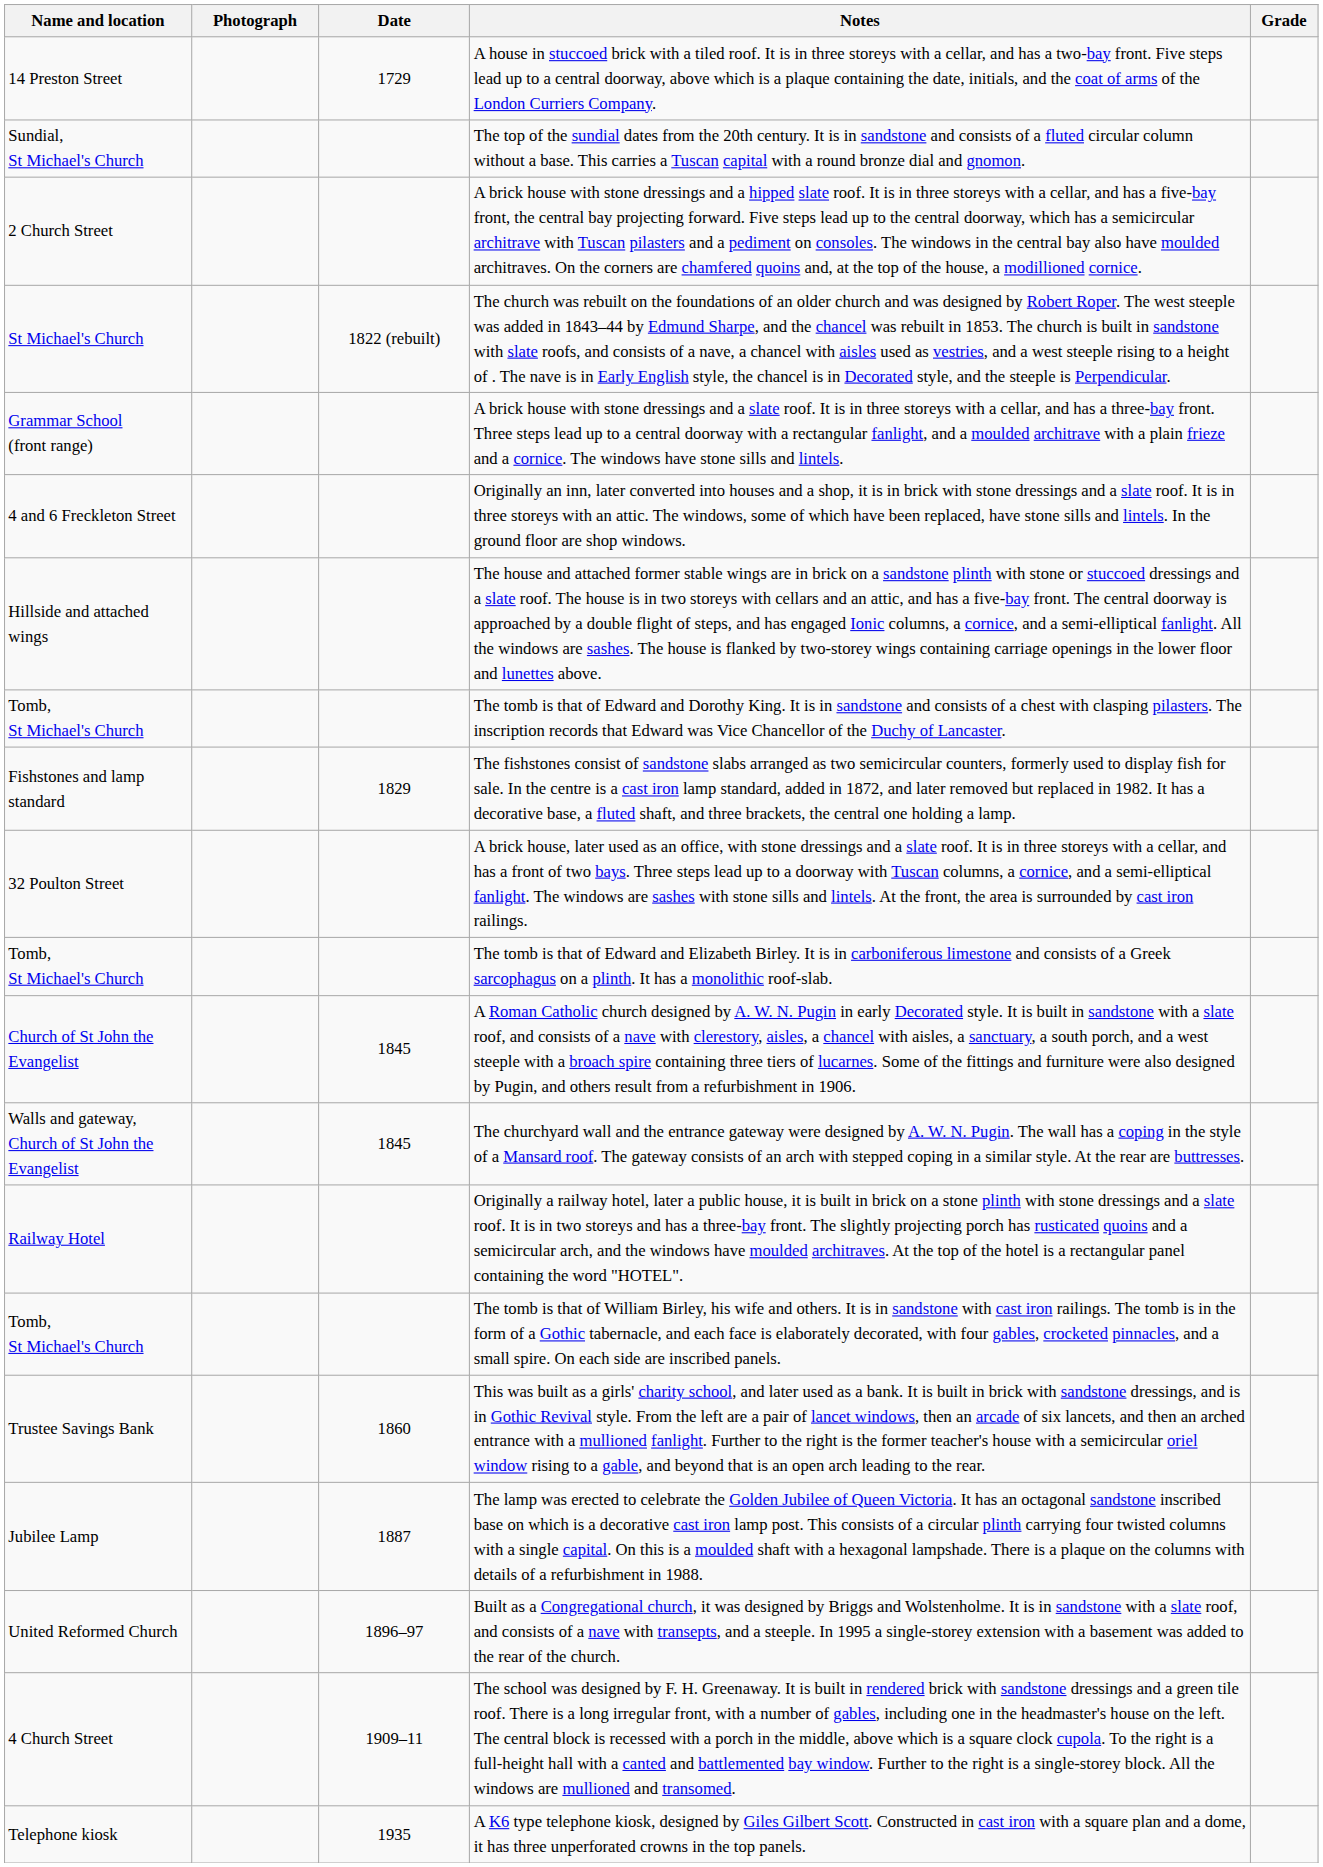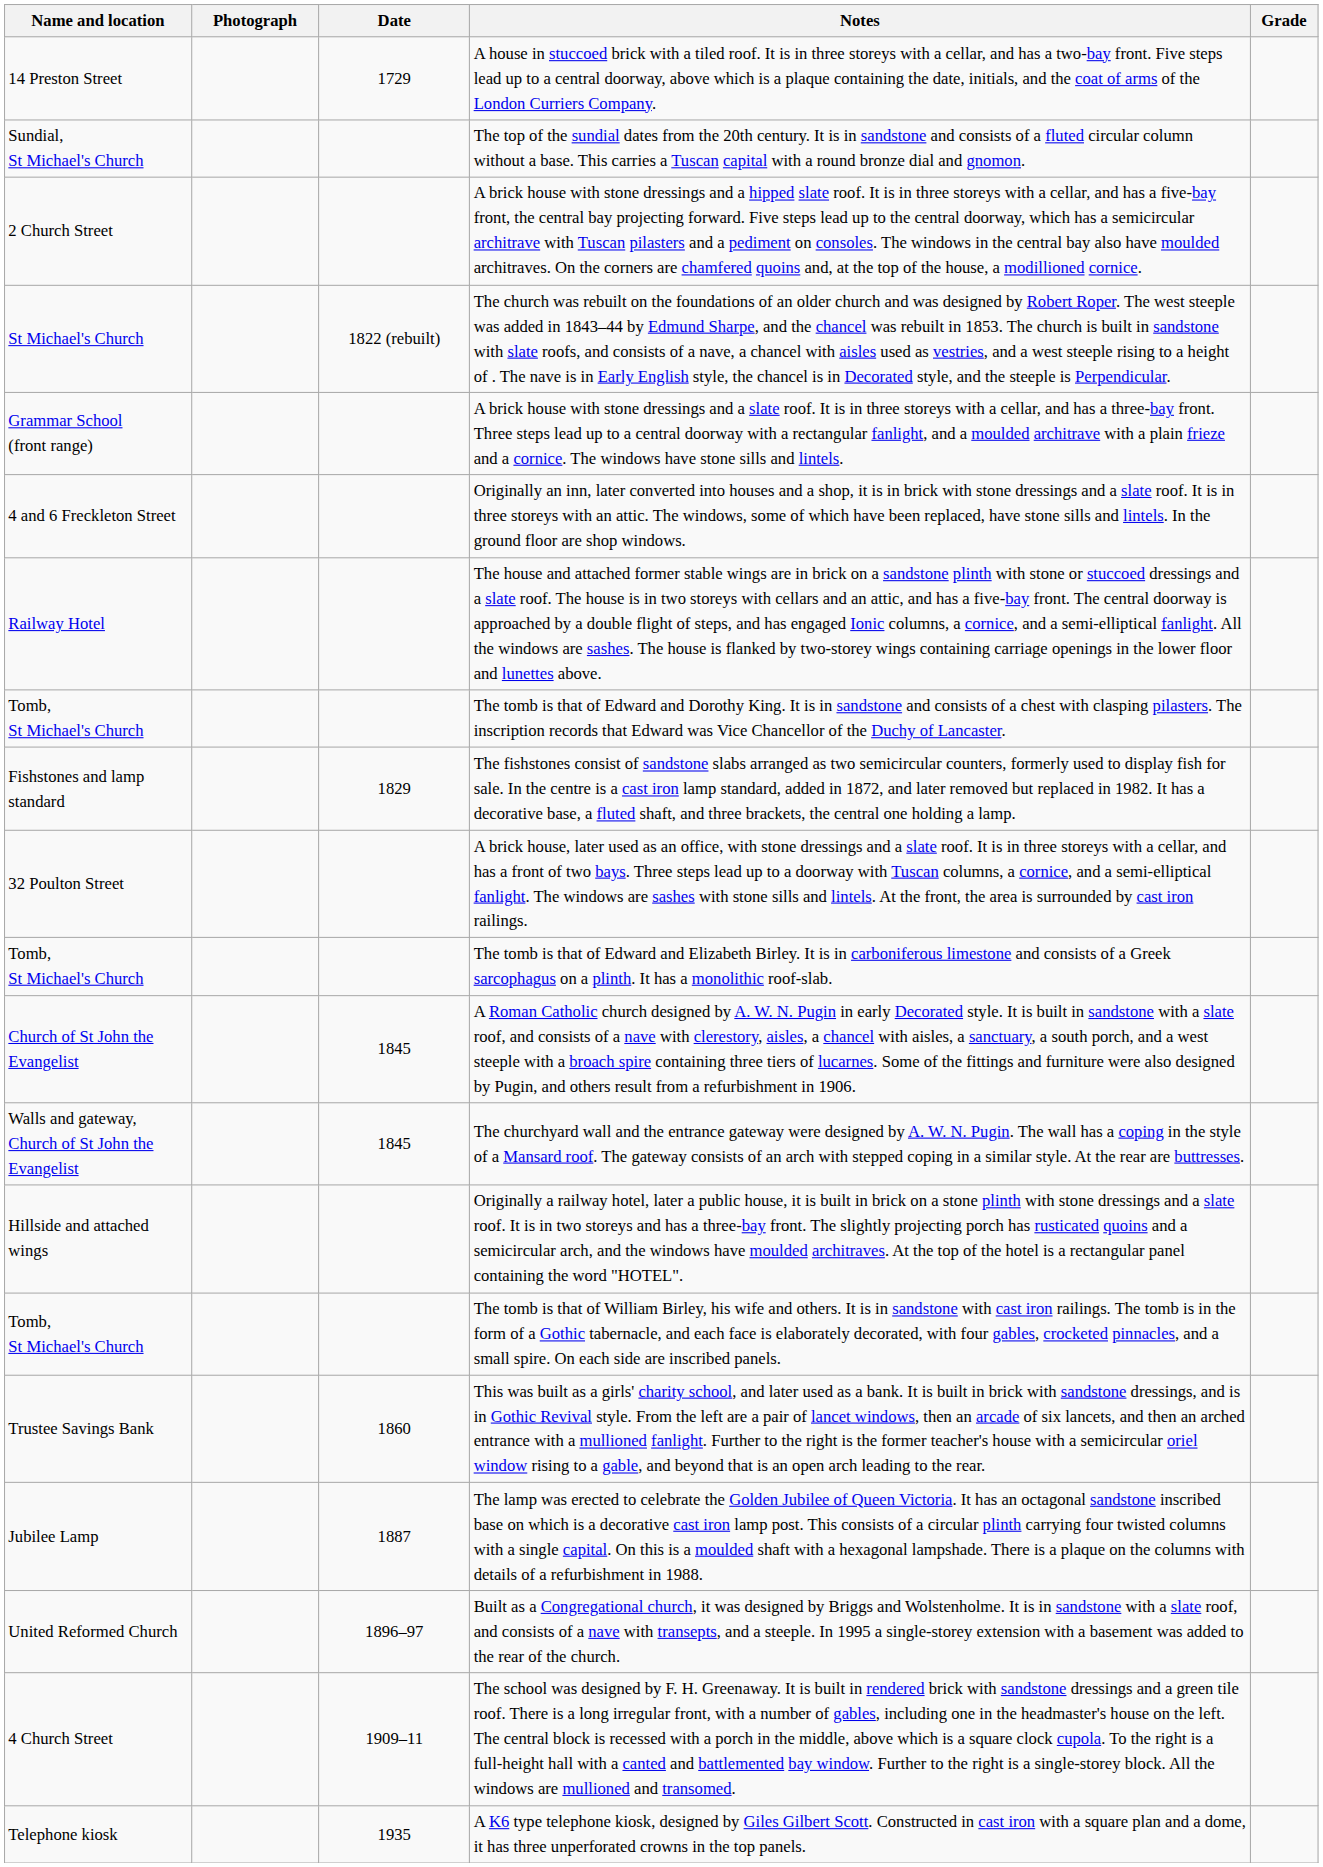 <table class="wikitable sortable plainrowheaders" style="width:100%;border:0px;text-align:left;line-height:150%;">
 <tr>
 <th scope="col"  style="width:150px">Name and location</th>
 <th scope="col"  style="width:100px" class="unsortable">Photograph</th>
 <th scope="col"  style="width:120px">Date</th>
 <th scope="col"  style="width:650px" class="unsortable">Notes</th>
 <th scope="col"  style="width:50px">Grade</th>
 </tr>
 <tr>
 <td>14 Preston Street<br><small></small></td>
 <td></td>
 <td align="center">1729</td>
 <td>A house in <a href='#'>stuccoed</a> brick with a tiled roof.  It is in three storeys with a cellar, and has a two-<a href='#'>bay</a> front.  Five steps lead up to a central doorway, above which is a plaque containing the date, initials, and the <a href='#'>coat of arms</a> of the <a href='#'>London Curriers Company</a>.</td>
 <td align="center" ></td>
 </tr>
 <tr>
 <td>Sundial,<br><a href='#'>St Michael's Church</a><br><small></small></td>
 <td></td>
 <td align="center"></td>
 <td>The top of the <a href='#'>sundial</a> dates from the 20th century.  It is in <a href='#'>sandstone</a> and consists of a <a href='#'>fluted</a> circular column without a base.  This carries a <a href='#'>Tuscan</a> <a href='#'>capital</a> with a round bronze dial and <a href='#'>gnomon</a>.</td>
 <td align="center" ></td>
 </tr>
 <tr>
 <td>2 Church Street<br><small></small></td>
 <td></td>
 <td align="center"></td>
 <td>A brick house with stone dressings and a <a href='#'>hipped</a> <a href='#'>slate</a> roof.  It is in three storeys with a cellar, and has a five-<a href='#'>bay</a> front, the central bay projecting forward.  Five steps lead up to the central doorway, which has a semicircular <a href='#'>architrave</a> with <a href='#'>Tuscan</a> <a href='#'>pilasters</a> and a <a href='#'>pediment</a> on <a href='#'>consoles</a>.  The windows in the central bay also have <a href='#'>moulded</a> architraves.  On the corners are <a href='#'>chamfered</a> <a href='#'>quoins</a> and, at the top of the house, a <a href='#'>modillioned</a> <a href='#'>cornice</a>.</td>
 <td align="center" ></td>
 </tr>
 <tr>
 <td><a href='#'>St Michael's Church</a><br><small></small></td>
 <td></td>
 <td align="center">1822 (rebuilt)</td>
 <td>The church was rebuilt on the foundations of an older church and was designed by <a href='#'>Robert Roper</a>.  The west steeple was added in 1843–44 by <a href='#'>Edmund Sharpe</a>, and the <a href='#'>chancel</a> was rebuilt in 1853.  The church is built in <a href='#'>sandstone</a> with <a href='#'>slate</a> roofs, and consists of a nave, a chancel with <a href='#'>aisles</a> used as <a href='#'>vestries</a>, and a west steeple rising to a height of .  The nave is in <a href='#'>Early English</a> style, the chancel is in <a href='#'>Decorated</a> style, and the steeple is <a href='#'>Perpendicular</a>.</td>
 <td align="center" ></td>
 </tr>
 <tr>
 <td><a href='#'>Grammar School</a><br>(front range)<br><small></small></td>
 <td></td>
 <td align="center"></td>
 <td>A brick house with stone dressings and a <a href='#'>slate</a> roof.  It is in three storeys with a cellar, and has a three-<a href='#'>bay</a> front.  Three steps lead up to a central doorway with a rectangular <a href='#'>fanlight</a>, and a <a href='#'>moulded</a> <a href='#'>architrave</a> with a plain <a href='#'>frieze</a> and a <a href='#'>cornice</a>.  The windows have stone sills and <a href='#'>lintels</a>.</td>
 <td align="center" ></td>
 </tr>
 <tr>
 <td>4 and 6 Freckleton Street<br><small></small></td>
 <td></td>
 <td align="center"></td>
 <td>Originally an inn, later converted into houses and a shop, it is in brick with stone dressings and a <a href='#'>slate</a> roof.  It is in three storeys with an attic.  The windows, some of which have been replaced, have stone sills and <a href='#'>lintels</a>.  In the ground floor are shop windows.</td>
 <td align="center" ></td>
 </tr>
 <tr>
-<td>Hillside and attached wings<br><small></small></td>
+<td><a href='#'>Railway Hotel</a><br><small></small></td>
 <td></td>
 <td align="center"></td>
 <td>The house and attached former stable wings are in brick on a <a href='#'>sandstone</a> <a href='#'>plinth</a> with stone or <a href='#'>stuccoed</a> dressings and a <a href='#'>slate</a> roof.  The house is in two storeys with cellars and an attic, and has a five-<a href='#'>bay</a> front.  The central doorway is approached by a double flight of steps, and has engaged <a href='#'>Ionic</a> columns, a <a href='#'>cornice</a>, and a semi-elliptical <a href='#'>fanlight</a>.  All the windows are <a href='#'>sashes</a>.  The house is flanked by two-storey wings containing carriage openings in the lower floor and <a href='#'>lunettes</a> above.</td>
 <td align="center" ></td>
 </tr>
 <tr>
 <td>Tomb,<br><a href='#'>St Michael's Church</a><br><small></small></td>
 <td></td>
 <td align="center"></td>
 <td>The tomb is that of Edward and Dorothy King.  It is in <a href='#'>sandstone</a> and consists of a chest with clasping <a href='#'>pilasters</a>.  The inscription records that Edward was Vice Chancellor of the <a href='#'>Duchy of Lancaster</a>.</td>
 <td align="center" ></td>
 </tr>
 <tr>
 <td>Fishstones and lamp standard<br><small></small></td>
 <td></td>
 <td align="center">1829</td>
 <td>The fishstones consist of <a href='#'>sandstone</a> slabs arranged as two semicircular counters, formerly used to display fish for sale.  In the centre is a <a href='#'>cast iron</a> lamp standard, added in 1872, and later removed but replaced in 1982.  It has a decorative base, a <a href='#'>fluted</a> shaft, and three brackets, the central one holding a lamp.</td>
 <td align="center" ></td>
 </tr>
 <tr>
 <td>32 Poulton Street<br><small></small></td>
 <td></td>
 <td align="center"></td>
 <td>A brick house, later used as an office, with stone dressings and a <a href='#'>slate</a> roof.  It is in three storeys with a cellar, and has a front of two <a href='#'>bays</a>.  Three steps lead up to a doorway with <a href='#'>Tuscan</a> columns, a <a href='#'>cornice</a>, and a semi-elliptical <a href='#'>fanlight</a>.  The windows are <a href='#'>sashes</a> with stone sills and <a href='#'>lintels</a>.  At the front, the area is surrounded by <a href='#'>cast iron</a> railings.</td>
 <td align="center" ></td>
 </tr>
 <tr>
 <td>Tomb,<br><a href='#'>St Michael's Church</a><br><small></small></td>
 <td></td>
 <td align="center"></td>
 <td>The tomb is that of Edward and Elizabeth Birley.  It is in <a href='#'>carboniferous limestone</a> and consists of a Greek <a href='#'>sarcophagus</a> on a <a href='#'>plinth</a>.  It has a <a href='#'>monolithic</a> roof-slab.</td>
 <td align="center" ></td>
 </tr>
 <tr>
 <td><a href='#'>Church of St John the Evangelist</a><br><small></small></td>
 <td></td>
 <td align="center">1845</td>
 <td>A <a href='#'>Roman Catholic</a> church designed by <a href='#'>A. W. N. Pugin</a> in early <a href='#'>Decorated</a> style.  It is built in <a href='#'>sandstone</a> with a <a href='#'>slate</a> roof, and consists of a <a href='#'>nave</a> with <a href='#'>clerestory</a>, <a href='#'>aisles</a>, a <a href='#'>chancel</a> with aisles, a <a href='#'>sanctuary</a>, a south porch, and a west steeple with a <a href='#'>broach spire</a> containing three tiers of <a href='#'>lucarnes</a>.  Some of the fittings and furniture were also designed by Pugin, and others result from a refurbishment in 1906.</td>
 <td align="center" ></td>
 </tr>
 <tr>
 <td>Walls and gateway, <a href='#'>Church of St John the Evangelist</a><br><small></small></td>
 <td></td>
 <td align="center">1845</td>
 <td>The churchyard wall and the entrance gateway were designed by <a href='#'>A. W. N. Pugin</a>.  The wall has a <a href='#'>coping</a> in the style of a <a href='#'>Mansard roof</a>.  The gateway consists of an arch with stepped coping in a similar style.  At the rear are <a href='#'>buttresses</a>.</td>
 <td align="center" ></td>
 </tr>
 <tr>
-<td><a href='#'>Railway Hotel</a><br><small></small></td>
+<td>Hillside and attached wings<br><small></small></td>
 <td></td>
 <td align="center"></td>
 <td>Originally a railway hotel, later a public house, it is built in brick on a stone <a href='#'>plinth</a> with stone dressings and a <a href='#'>slate</a> roof.  It is in two storeys and has a three-<a href='#'>bay</a> front.  The slightly projecting porch has <a href='#'>rusticated</a> <a href='#'>quoins</a> and a semicircular arch, and the windows have <a href='#'>moulded</a> <a href='#'>architraves</a>.  At the top of the hotel is a rectangular panel containing the word "HOTEL".</td>
 <td align="center" ></td>
 </tr>
 <tr>
 <td>Tomb,<br><a href='#'>St Michael's Church</a><br><small></small></td>
 <td></td>
 <td align="center"></td>
 <td>The tomb is that of William Birley, his wife and others.  It is in <a href='#'>sandstone</a> with <a href='#'>cast iron</a> railings.  The tomb is in the form of a <a href='#'>Gothic</a> tabernacle, and each face is elaborately decorated, with four <a href='#'>gables</a>, <a href='#'>crocketed</a> <a href='#'>pinnacles</a>, and a small spire.  On each side are inscribed panels.</td>
 <td align="center" ></td>
 </tr>
 <tr>
 <td>Trustee Savings Bank<br><small></small></td>
 <td></td>
 <td align="center">1860</td>
 <td>This was built as a girls' <a href='#'>charity school</a>, and later used as a bank.  It is built in brick with <a href='#'>sandstone</a> dressings, and is in <a href='#'>Gothic Revival</a> style.  From the left are a pair of <a href='#'>lancet windows</a>, then an <a href='#'>arcade</a> of six lancets, and then an arched entrance with a <a href='#'>mullioned</a> <a href='#'>fanlight</a>.  Further to the right is the former teacher's house with a semicircular <a href='#'>oriel window</a> rising to a <a href='#'>gable</a>, and beyond that is an open arch leading to the rear.</td>
 <td align="center" ></td>
 </tr>
 <tr>
 <td>Jubilee Lamp<br><small></small></td>
 <td></td>
 <td align="center">1887</td>
 <td>The lamp was erected to celebrate the <a href='#'>Golden Jubilee of Queen Victoria</a>.  It has an octagonal <a href='#'>sandstone</a> inscribed base on which is a decorative <a href='#'>cast iron</a> lamp post.  This consists of a circular <a href='#'>plinth</a> carrying four twisted columns with a single <a href='#'>capital</a>.  On this is a <a href='#'>moulded</a> shaft with a hexagonal lampshade.  There is a plaque on the columns with details of a refurbishment in 1988.</td>
 <td align="center" ></td>
 </tr>
 <tr>
 <td>United Reformed Church<br><small></small></td>
 <td></td>
 <td align="center">1896–97</td>
 <td>Built as a <a href='#'>Congregational church</a>, it was designed by Briggs and Wolstenholme.  It is in <a href='#'>sandstone</a> with a <a href='#'>slate</a> roof, and consists of a <a href='#'>nave</a> with <a href='#'>transepts</a>, and a steeple.  In 1995 a single-storey extension with a basement was added to the rear of the church.</td>
 <td align="center" ></td>
 </tr>
 <tr>
 <td>4 Church Street<br><small></small></td>
 <td></td>
 <td align="center">1909–11</td>
 <td>The school was designed by F. H. Greenaway.  It is built in <a href='#'>rendered</a> brick with <a href='#'>sandstone</a> dressings and a green tile roof.  There is a long irregular front, with a number of <a href='#'>gables</a>, including one in the headmaster's house on the left.  The central block is recessed with a porch in the middle, above which is a square clock <a href='#'>cupola</a>.  To the right is a full-height hall with a <a href='#'>canted</a> and <a href='#'>battlemented</a> <a href='#'>bay window</a>.  Further to the right is a single-storey block.  All the windows are <a href='#'>mullioned</a> and <a href='#'>transomed</a>.</td>
 <td align="center" ></td>
 </tr>
 <tr>
 <td>Telephone kiosk<br><small></small></td>
 <td></td>
 <td align="center">1935</td>
 <td>A <a href='#'>K6</a> type telephone kiosk, designed by <a href='#'>Giles Gilbert Scott</a>.  Constructed in <a href='#'>cast iron</a> with a square plan and a dome, it has three unperforated crowns in the top panels.</td>
 <td align="center" ></td>
 </tr>
 <tr>
 </tr>
 </table>
